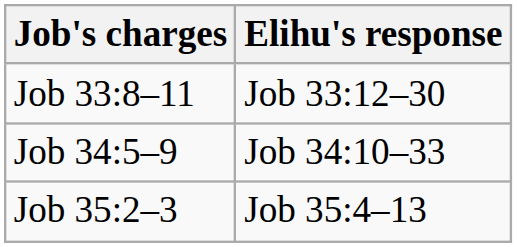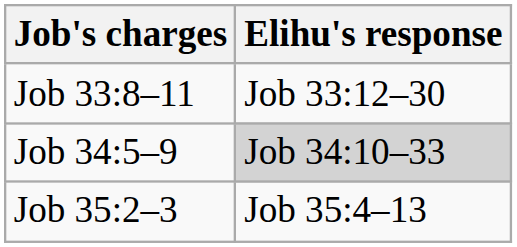 <table class=wikitable>
 <tr>
 <th>Job's charges</th>
 <th>Elihu's response</th>
 </tr>
 <tr>
 <td>Job 33:8–11</td>
 <td>Job 33:12–30</td>
 </tr>
 <tr>
 <td>Job 34:5–9</td>
-<td>Job 34:10–33</td>
+<td style="background: lightgrey;">Job 34:10–33</td>
 </tr>
 <tr>
 <td>Job 35:2–3</td>
 <td>Job 35:4–13</td>
 </tr>
 </table>
